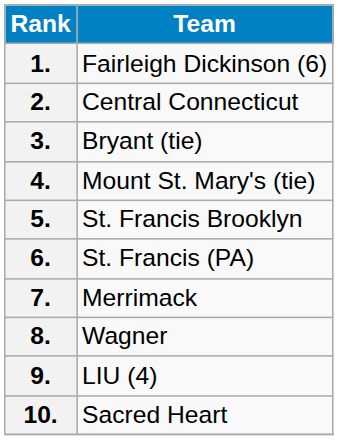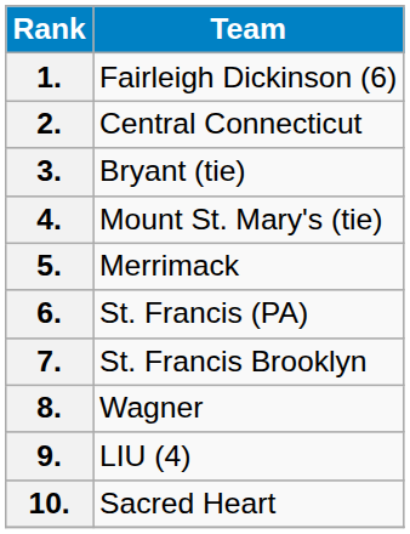 <table class="wikitable">
 <tr>
 <th align="center" style="background:#0081C4; color:#FFFFFF;">Rank</th>
 <th align="center" style="background:#0081C4; color:#FFFFFF;">Team</th>
 </tr>
 <tr>
 <th>1.</th>
 <td>Fairleigh Dickinson (6)</td>
 </tr>
 <tr>
 <th>2.</th>
 <td>Central Connecticut</td>
 </tr>
 <tr>
 <th>3.</th>
 <td>Bryant (tie)</td>
 </tr>
 <tr>
 <th>4.</th>
 <td>Mount St. Mary's (tie)</td>
 </tr>
 <tr>
 <th>5.</th>
-<td>St. Francis Brooklyn</td>
+<td>Merrimack</td>
 </tr>
 <tr>
 <th>6.</th>
 <td>St. Francis (PA)</td>
 </tr>
 <tr>
 <th>7.</th>
-<td>Merrimack</td>
+<td>St. Francis Brooklyn</td>
 </tr>
 <tr>
 <th>8.</th>
 <td>Wagner</td>
 </tr>
 <tr>
 <th>9.</th>
 <td>LIU (4)</td>
 </tr>
 <tr>
 <th>10.</th>
 <td>Sacred Heart</td>
 </tr>
 <tr>
 </tr>
 </table>
